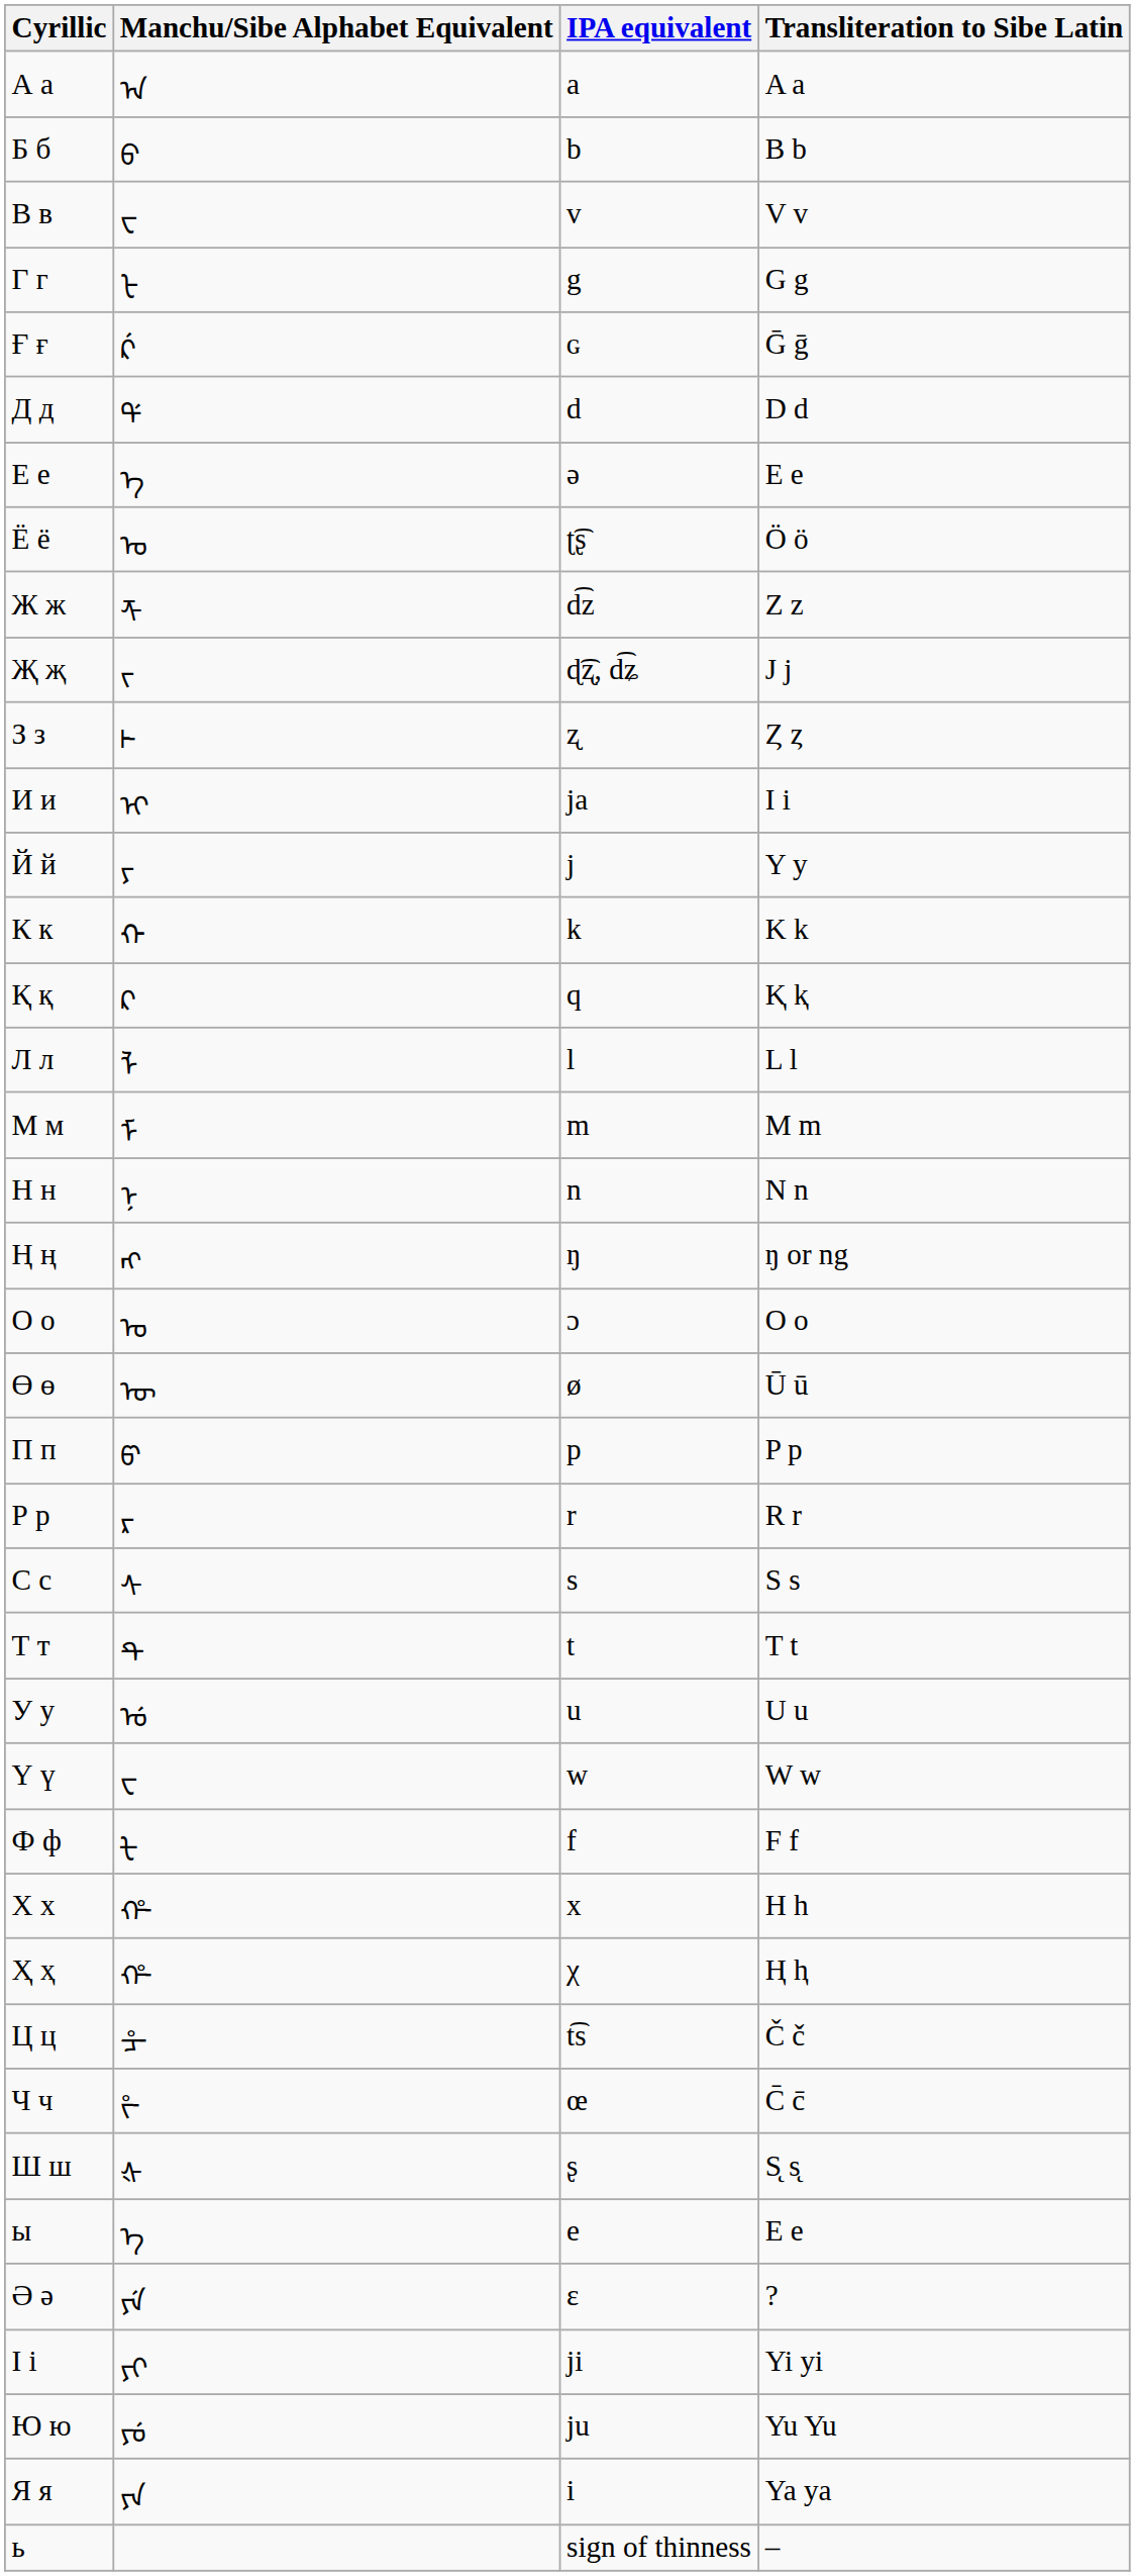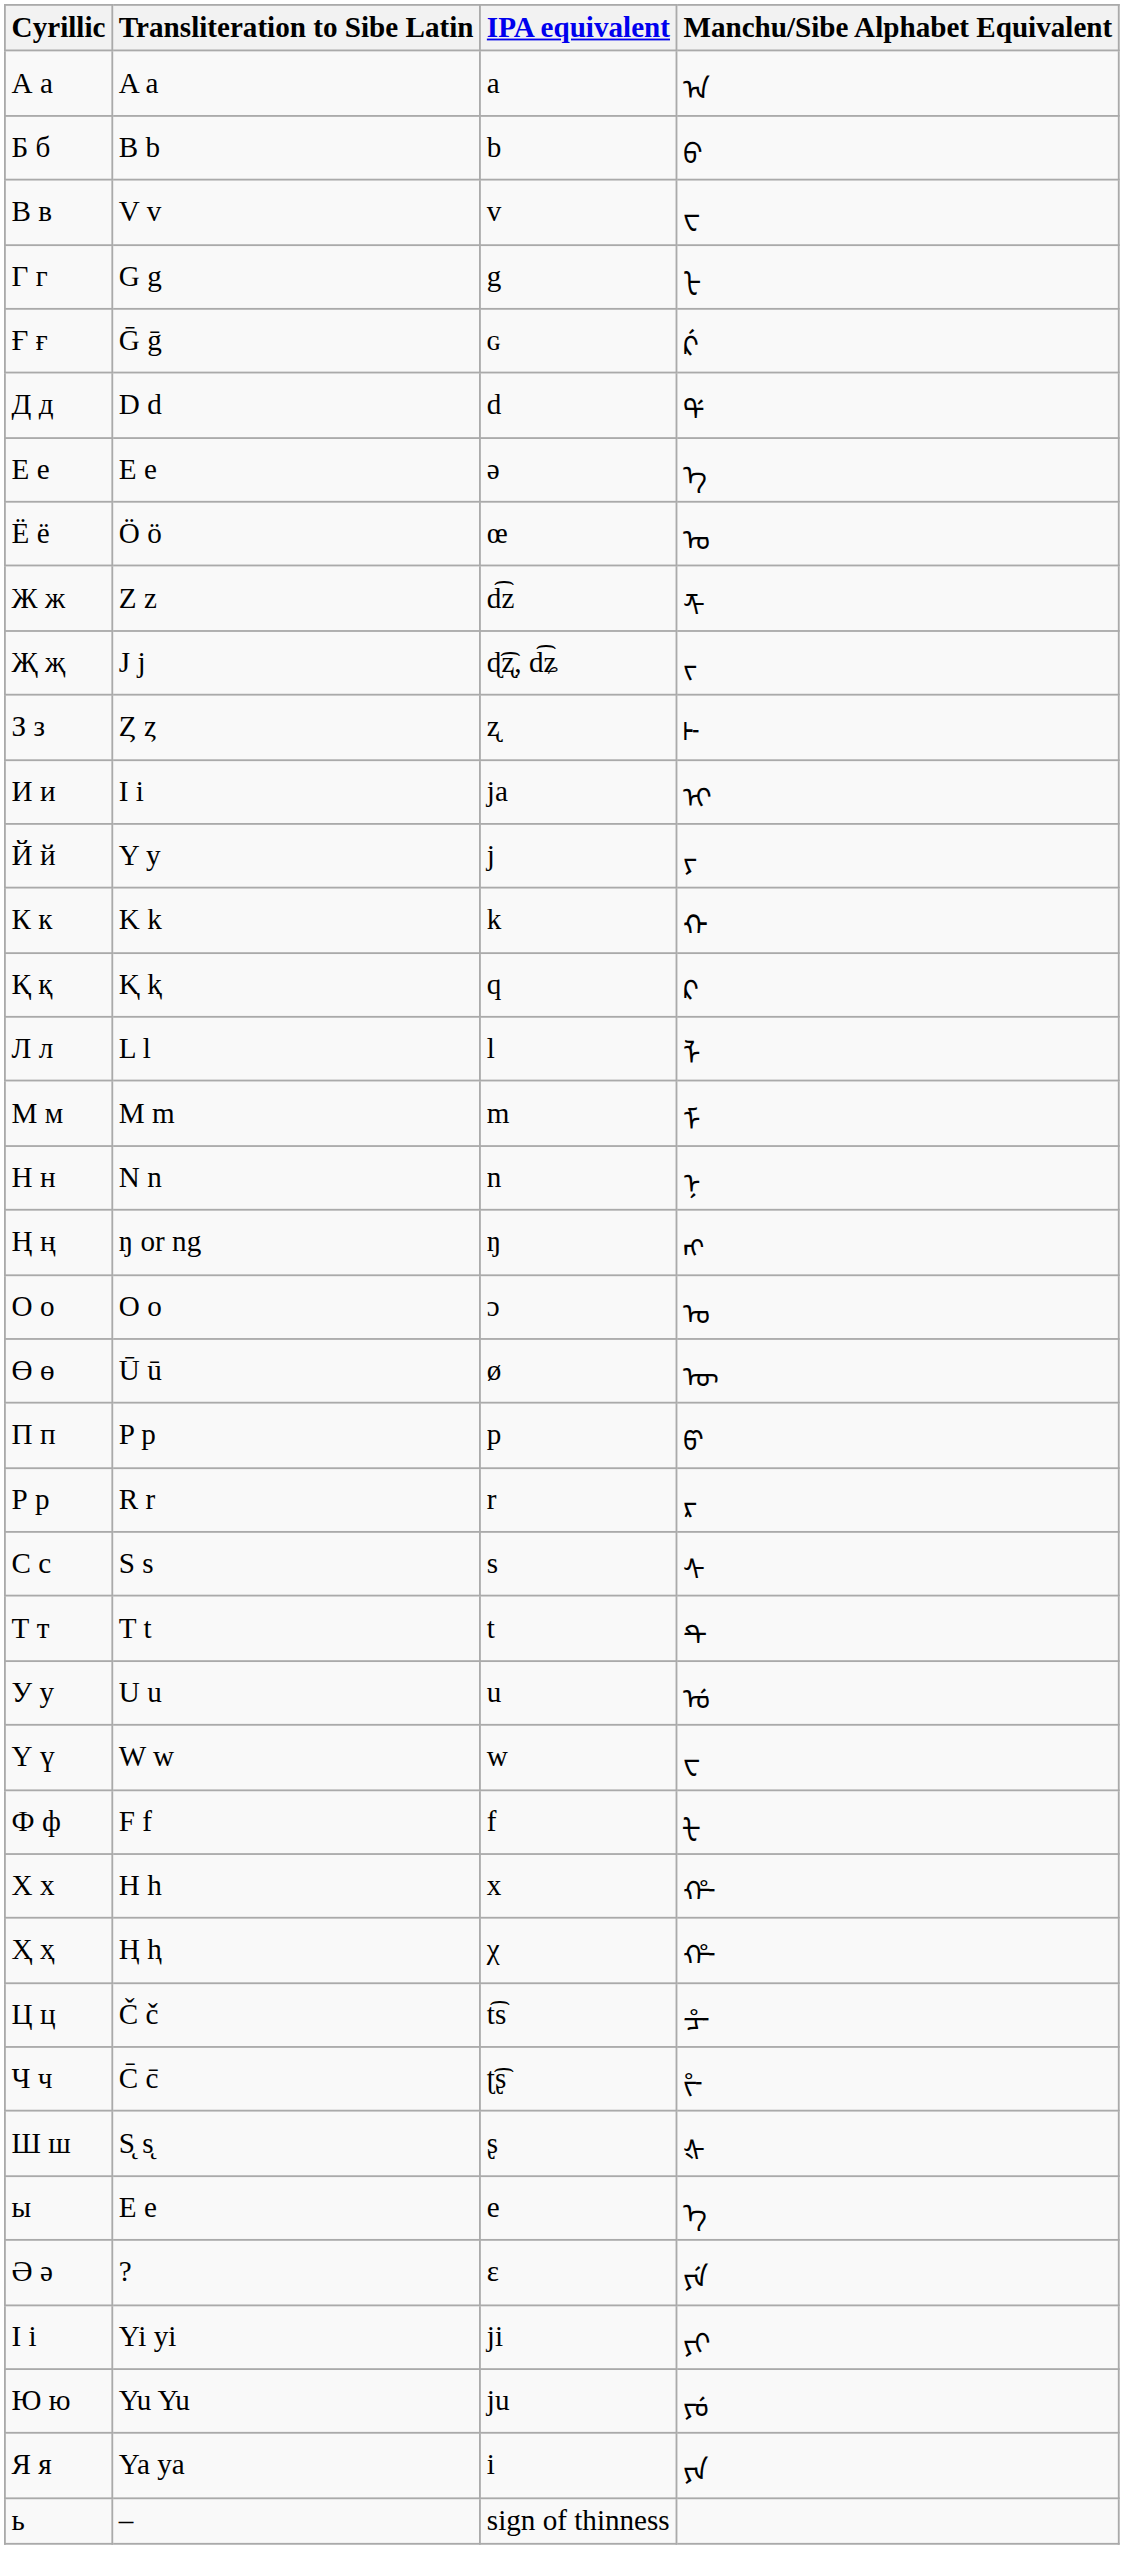 <table class="wikitable sortable">
 <tr>
 <th>Cyrillic</th>
+<th>Transliteration to Sibe Latin</th>
+<th><a href='#'>IPA equivalent</a></th>
 <th>Manchu/Sibe Alphabet Equivalent</th>
-<th><a href='#'>IPA equivalent</a></th>
-<th>Transliteration to Sibe Latin</th>
 </tr>
 <tr>
 <td>А а</td>
+<td>A a</td>
+<td>a</td>
 <td>ᠠ</td>
-<td>a</td>
-<td>A a</td>
 </tr>
 <tr>
 <td>Б б</td>
+<td>B b</td>
+<td>b</td>
 <td>ᠪ</td>
-<td>b</td>
-<td>B b</td>
 </tr>
 <tr>
 <td>В в</td>
+<td>V v</td>
+<td>v</td>
 <td>ᠸ</td>
-<td>v</td>
-<td>V v</td>
 </tr>
 <tr>
 <td>Г г</td>
+<td>G g</td>
+<td>g</td>
 <td>ᡶ</td>
-<td>g</td>
-<td>G g</td>
 </tr>
 <tr>
 <td>Ғ ғ</td>
+<td>Ḡ ḡ</td>
+<td>ɢ</td>
 <td>ᡬ</td>
-<td>ɢ</td>
-<td>Ḡ ḡ</td>
 </tr>
 <tr>
 <td>Д д</td>
+<td>D d</td>
+<td>d</td>
 <td>ᡩ</td>
-<td>d</td>
-<td>D d</td>
 </tr>
 <tr>
 <td>Е е</td>
+<td>E e</td>
+<td>ə</td>
 <td>ᡝ</td>
-<td>ə</td>
-<td>E e</td>
 </tr>
 <tr>
 <td>Ё ё</td>
+<td>Ö ö</td>
+<td>œ</td>
 <td>ᠣ</td>
-<td>ʈ͡ʂ</td>
-<td>Ö ö</td>
 </tr>
 <tr>
 <td>Ж ж</td>
+<td>Z z</td>
+<td>d͡z</td>
 <td>ᡯ</td>
-<td>d͡z</td>
-<td>Z z</td>
 </tr>
 <tr>
 <td>Җ җ</td>
+<td>J j</td>
+<td>ɖ͡ʐ, d͡ʑ</td>
 <td>ᠵ</td>
-<td>ɖ͡ʐ, d͡ʑ</td>
-<td>J j</td>
 </tr>
 <tr>
 <td>З з</td>
+<td>Ȥ ȥ</td>
+<td>ʐ</td>
 <td>ᡰ᠊</td>
-<td>ʐ</td>
-<td>Ȥ ȥ</td>
 </tr>
 <tr>
 <td>И и</td>
+<td>I i</td>
+<td>ja</td>
 <td>ᡳ</td>
-<td>ja</td>
-<td>I i</td>
 </tr>
 <tr>
 <td>Й й</td>
+<td>Y y</td>
+<td>j</td>
 <td>ᠶ</td>
-<td>j</td>
-<td>Y y</td>
 </tr>
 <tr>
 <td>К к</td>
+<td>K k</td>
+<td>k</td>
 <td>ᡴ</td>
-<td>k</td>
-<td>K k</td>
 </tr>
 <tr>
 <td>Қ қ</td>
+<td>Ⱪ ⱪ</td>
+<td>q</td>
 <td>ᠺ</td>
-<td>q</td>
-<td>Ⱪ ⱪ</td>
 </tr>
 <tr>
 <td>Л л</td>
+<td>L l</td>
+<td>l</td>
 <td>ᠯ</td>
-<td>l</td>
-<td>L l</td>
 </tr>
 <tr>
 <td>М м</td>
+<td>M m</td>
+<td>m</td>
 <td>ᠮ</td>
-<td>m</td>
-<td>M m</td>
 </tr>
 <tr>
 <td>Н н</td>
+<td>N n</td>
+<td>n</td>
 <td>ᠨ</td>
-<td>n</td>
-<td>N n</td>
 </tr>
 <tr>
 <td>Ң ң</td>
+<td>ŋ or ng</td>
+<td>ŋ</td>
 <td>ᠩ</td>
-<td>ŋ</td>
-<td>ŋ or ng</td>
 </tr>
 <tr>
 <td>О о</td>
+<td>O o</td>
+<td>ɔ</td>
 <td>ᠣ</td>
-<td>ɔ</td>
-<td>O o</td>
 </tr>
 <tr>
 <td>Ө ө</td>
+<td>Ū ū</td>
+<td>ø</td>
 <td>ᡡ</td>
-<td>ø</td>
-<td>Ū ū</td>
 </tr>
 <tr>
 <td>П п</td>
+<td>P p</td>
+<td>p</td>
 <td>ᡦ</td>
-<td>p</td>
-<td>P p</td>
 </tr>
 <tr>
 <td>Р р</td>
+<td>R r</td>
+<td>r</td>
 <td>ᡵ</td>
-<td>r</td>
-<td>R r</td>
 </tr>
 <tr>
 <td>С с</td>
+<td>S s</td>
+<td>s</td>
 <td>ᠰ</td>
-<td>s</td>
-<td>S s</td>
 </tr>
 <tr>
 <td>Т т</td>
+<td>T t</td>
+<td>t</td>
 <td>ᡨ</td>
-<td>t</td>
-<td>T t</td>
 </tr>
 <tr>
 <td>У у</td>
+<td>U u</td>
+<td>u</td>
 <td>ᡠ</td>
-<td>u</td>
-<td>U u</td>
 </tr>
 <tr>
 <td>Ү ү</td>
+<td>W w</td>
+<td>w</td>
 <td>ᠸ</td>
-<td>w</td>
-<td>W w</td>
 </tr>
 <tr>
 <td>Ф ф</td>
+<td>F f</td>
+<td>f</td>
 <td>‍ᡶ‍</td>
-<td>f</td>
-<td>F f</td>
 </tr>
 <tr>
 <td>Х х</td>
+<td>H h</td>
+<td>x</td>
 <td>ᡥ᠊</td>
-<td>x</td>
-<td>H h</td>
 </tr>
 <tr>
 <td>Ҳ ҳ</td>
+<td>Ⱨ ⱨ</td>
+<td>χ</td>
 <td>ᡥ᠊</td>
-<td>χ</td>
-<td>Ⱨ ⱨ</td>
 </tr>
 <tr>
 <td>Ц ц</td>
+<td>Č č</td>
+<td>t͡s</td>
 <td>ᡱ᠊</td>
-<td>t͡s</td>
-<td>Č č</td>
 </tr>
 <tr>
 <td>Ч ч</td>
+<td>C̄ c̄</td>
+<td>ʈ͡ʂ</td>
 <td>ᡷ᠊</td>
-<td>œ</td>
-<td>C̄ c̄</td>
 </tr>
 <tr>
 <td>Ш ш</td>
+<td>S̨ s̨</td>
+<td>ʂ</td>
 <td>ᡧ</td>
-<td>ʂ</td>
-<td>S̨ s̨</td>
 </tr>
 <tr>
 <td>ы</td>
+<td>E e</td>
+<td>e</td>
 <td>ᡝ</td>
-<td>e</td>
-<td>E e</td>
 </tr>
 <tr>
 <td>Ә ә</td>
+<td>?</td>
+<td>ɛ</td>
 <td>ᠶᡝ</td>
-<td>ɛ</td>
-<td>?</td>
 </tr>
 <tr>
 <td>І і</td>
+<td>Yi yi</td>
+<td>ji</td>
 <td>ᠶᡳ</td>
-<td>ji</td>
-<td>Yi yi</td>
 </tr>
 <tr>
 <td>Ю ю</td>
+<td>Yu Yu</td>
+<td>ju</td>
 <td>ᠶᡠ</td>
-<td>ju</td>
-<td>Yu Yu</td>
 </tr>
 <tr>
 <td>Я я</td>
+<td>Ya ya</td>
+<td>i</td>
 <td>ᠶᠠ</td>
-<td>i</td>
-<td>Ya ya</td>
 </tr>
 <tr>
 <td>ь</td>
+<td>–</td>
+<td>sign of thinness</td>
 <td></td>
-<td>sign of thinness</td>
-<td>–</td>
 </tr>
 </table>
